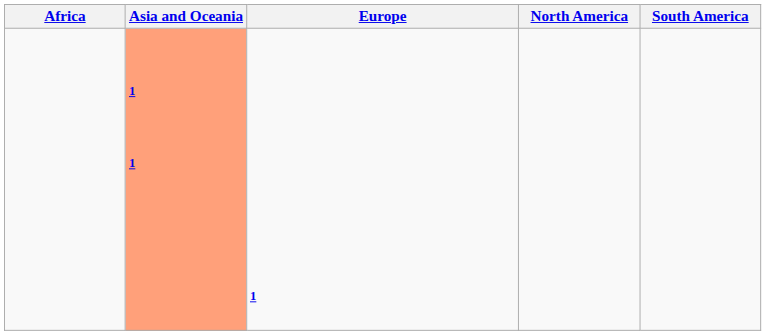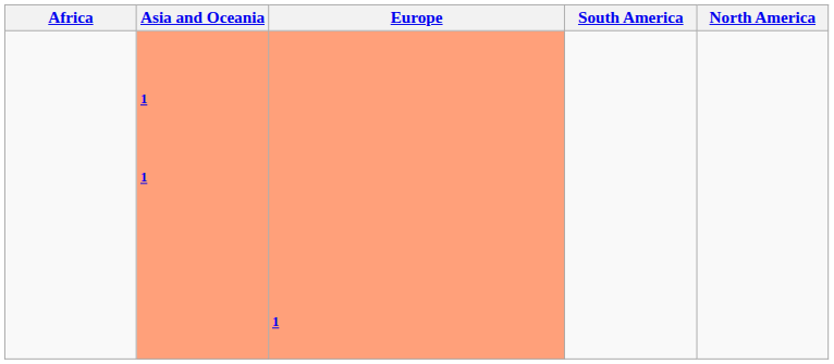 <table class="wikitable">
 <tr>
 <th width=16%><a href='#'>Africa</a></th>
 <th width=16%><a href='#'>Asia and Oceania</a></th>
 <th width=36%><a href='#'>Europe</a></th>
+<th width=16%><a href='#'>South America</a></th>
 <th width=16%><a href='#'>North America</a></th>
-<th width=16%><a href='#'>South America</a></th>
 </tr>
 <tr style="vertical-align:top">
 <td><br><br> <br></td>
 <td style="background: lightsalmon;"><br><br> <br> <sup><strong><a href='#'>1</a></strong></sup><br> <br> <br> <br> <sup><strong><a href='#'>1</a></strong></sup><br> </td>
-<td><br>  <br> <br> <br> <br> <br> <br> <br> <br>   <br> <br> <br> <br> <br> <br> <sup><strong><a href='#'>1</a></strong></sup><br> <br>  </td>
+<td style="background: lightsalmon;"><br>  <br> <br> <br> <br> <br> <br> <br> <br>   <br> <br> <br> <br> <br> <br> <sup><strong><a href='#'>1</a></strong></sup><br> <br>  </td>
+<td><br><br> <br> </td>
 <td><br><br> <br> <br> <br> </td>
-<td><br><br> <br> </td>
 </tr>
 </table>
